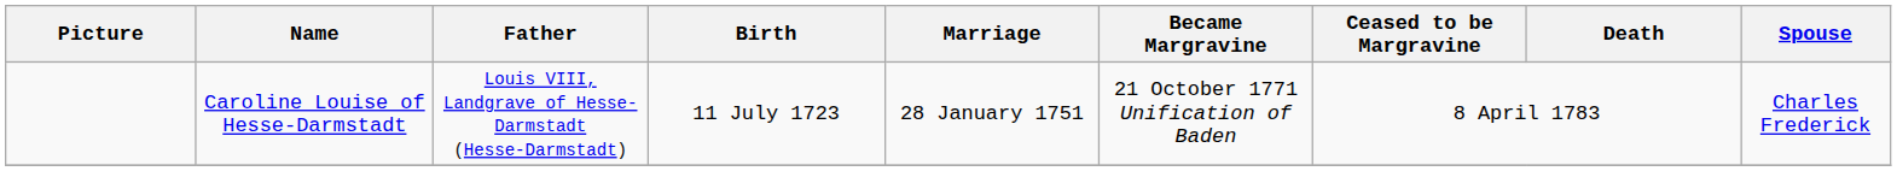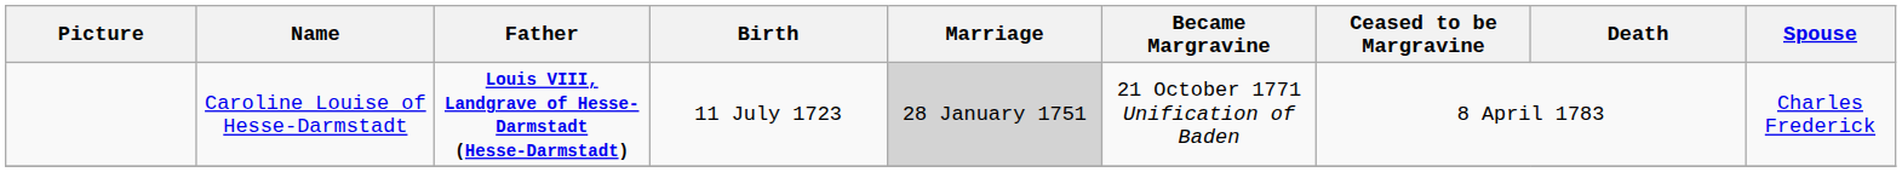 <table width=95% class="wikitable">
 <tr>
 <th width = "8%">Picture</th>
 <th width = "10%">Name</th>
 <th width = "9%">Father</th>
 <th width = "10%">Birth</th>
 <th width = "9%">Marriage</th>
 <th width = "9%">Became Margravine</th>
 <th width = "9%">Ceased to be Margravine</th>
 <th width = "9%">Death</th>
 <th width = "6%"><a href='#'>Spouse</a></th>
 </tr>
 <tr>
 <td align="center"></td>
 <td align="center"><a href='#'>Caroline Louise of Hesse-Darmstadt</a></td>
-<td align="center"><small><a href='#'>Louis VIII, Landgrave of Hesse-Darmstadt</a><br>(<a href='#'>Hesse-Darmstadt</a>)</small></td>
+<td align="center"><strong><small><a href='#'>Louis VIII, Landgrave of Hesse-Darmstadt</a><br>(<a href='#'>Hesse-Darmstadt</a>)</small></strong></td>
 <td align="center">11 July 1723</td>
-<td align="center">28 January 1751</td>
+<td align="center" style="background: lightgrey;">28 January 1751</td>
 <td align="center">21 October 1771<br><em>Unification of Baden</em></td>
 <td align="center" colspan="2">8 April 1783</td>
 <td align="center"><a href='#'>Charles Frederick</a></td>
 </tr>
 <tr>
 </tr>
 </table>
